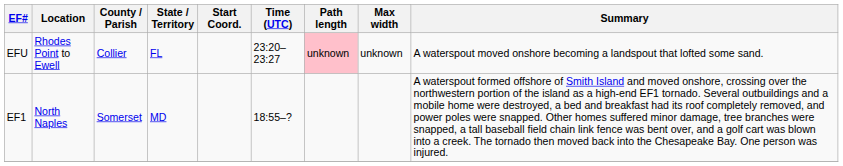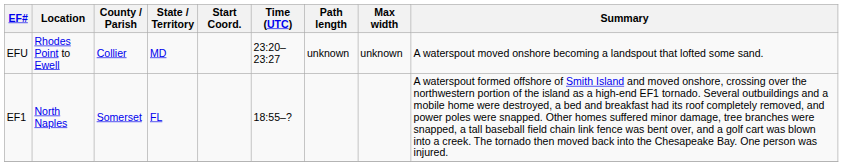 <table class="wikitable sortable" style="width:100%;">
 <tr>
 <th scope="col"  style="width:3%; text-align:center;"><a href='#'>EF#</a></th>
 <th scope="col"  style="width:7%; text-align:center;" class="unsortable">Location</th>
 <th scope="col"  style="width:6%; text-align:center;" class="unsortable">County / Parish</th>
 <th scope="col"  style="width:5%; text-align:center;">State / Territory</th>
 <th scope="col"  style="width:6%; text-align:center;">Start Coord.</th>
 <th scope="col"  style="width:6%; text-align:center;">Time (<a href='#'>UTC</a>)</th>
 <th scope="col"  style="width:6%; text-align:center;">Path length</th>
 <th scope="col"  style="width:6%; text-align:center;">Max width</th>
 <th scope="col" class="unsortable" style="width:48%; text-align:center;">Summary</th>
 </tr>
 <tr>
 <td>EFU</td>
 <td><a href='#'>Rhodes Point</a> to <a href='#'>Ewell</a></td>
 <td><a href='#'>Collier</a></td>
-<td><a href='#'>FL</a></td>
+<td><a href='#'>MD</a></td>
 <td></td>
 <td>23:20–23:27</td>
-<td style="background: pink;">unknown</td>
+<td>unknown</td>
 <td>unknown</td>
 <td>A waterspout moved onshore becoming a landspout that lofted some sand.</td>
 </tr>
 <tr>
 <td>EF1</td>
 <td><a href='#'>North Naples</a></td>
 <td><a href='#'>Somerset</a></td>
-<td><a href='#'>MD</a></td>
+<td><a href='#'>FL</a></td>
 <td></td>
 <td>18:55–?</td>
 <td></td>
 <td></td>
 <td>A waterspout formed offshore of <a href='#'>Smith Island</a> and moved onshore, crossing over the northwestern portion of the island as a high-end EF1 tornado. Several outbuildings and a mobile home were destroyed, a bed and breakfast had its roof completely removed, and power poles were snapped. Other homes suffered minor damage, tree branches were snapped, a tall baseball field chain link fence was bent over, and a golf cart was blown into a creek. The tornado then moved back into the Chesapeake Bay. One person was injured.</td>
 </tr>
 <tr>
 </tr>
 </table>
